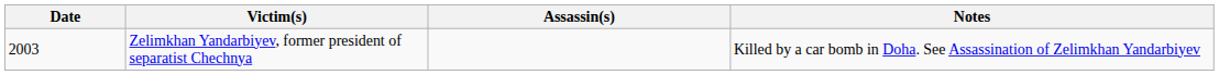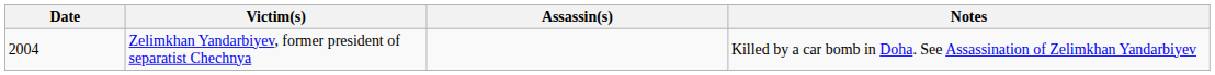 <table class="wikitable"  style="width:100%">
 <tr>
 <th style="width:10%">Date</th>
 <th style="width:25%">Victim(s)</th>
 <th style="width:25%">Assassin(s)</th>
 <th style="width:40%">Notes</th>
 </tr>
 <tr>
-<td>2003</td>
+<td>2004</td>
 <td><a href='#'>Zelimkhan Yandarbiyev</a>, former president of <a href='#'>separatist Chechnya</a></td>
 <td></td>
 <td>Killed by a car bomb in <a href='#'>Doha</a>. See <a href='#'>Assassination of Zelimkhan Yandarbiyev</a></td>
 </tr>
 </table>
